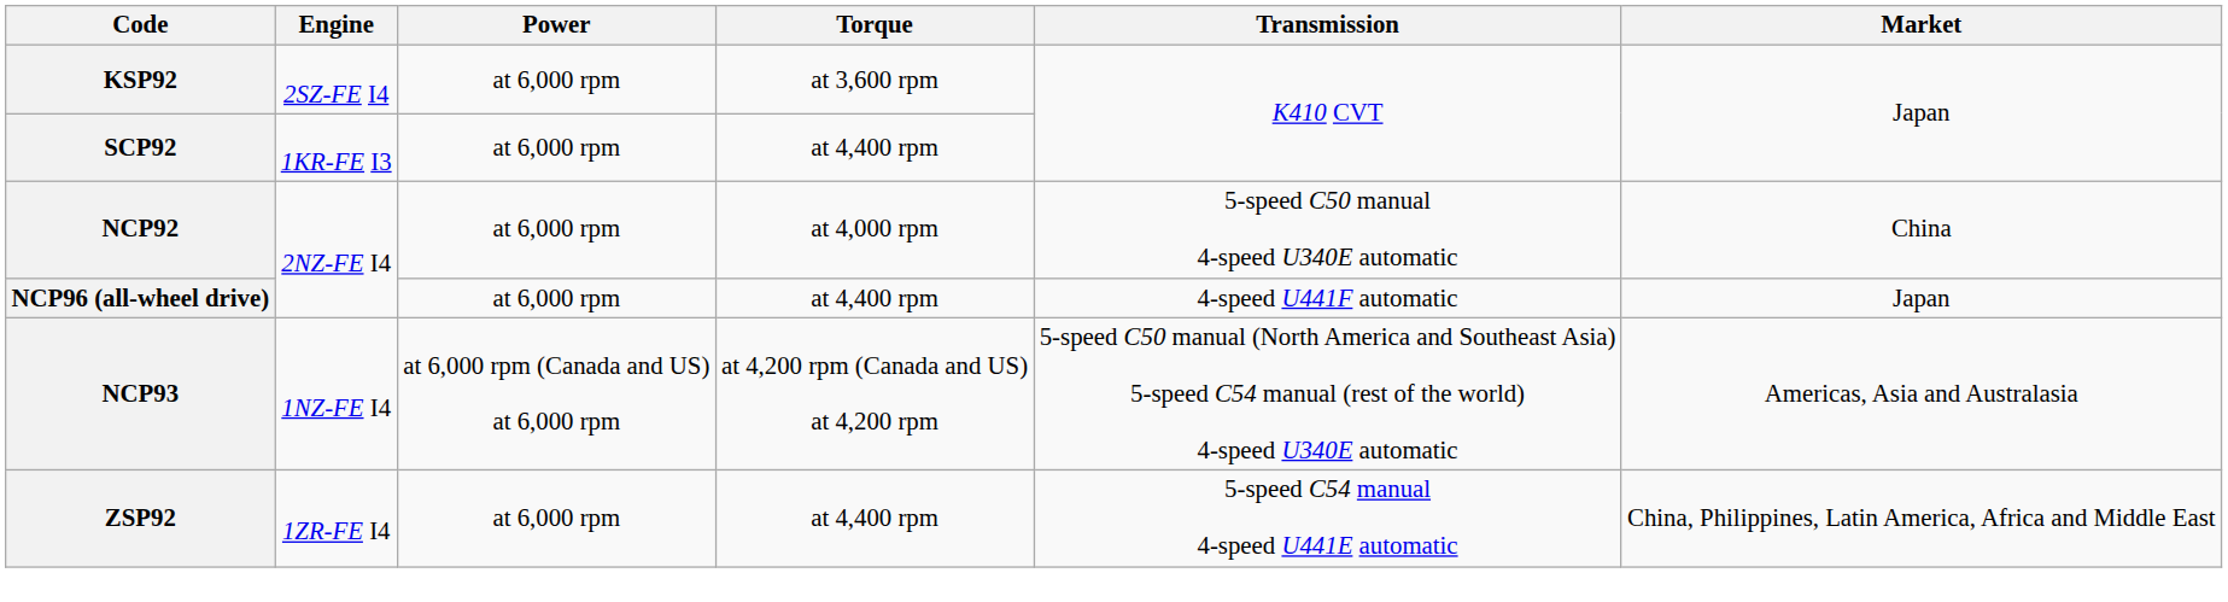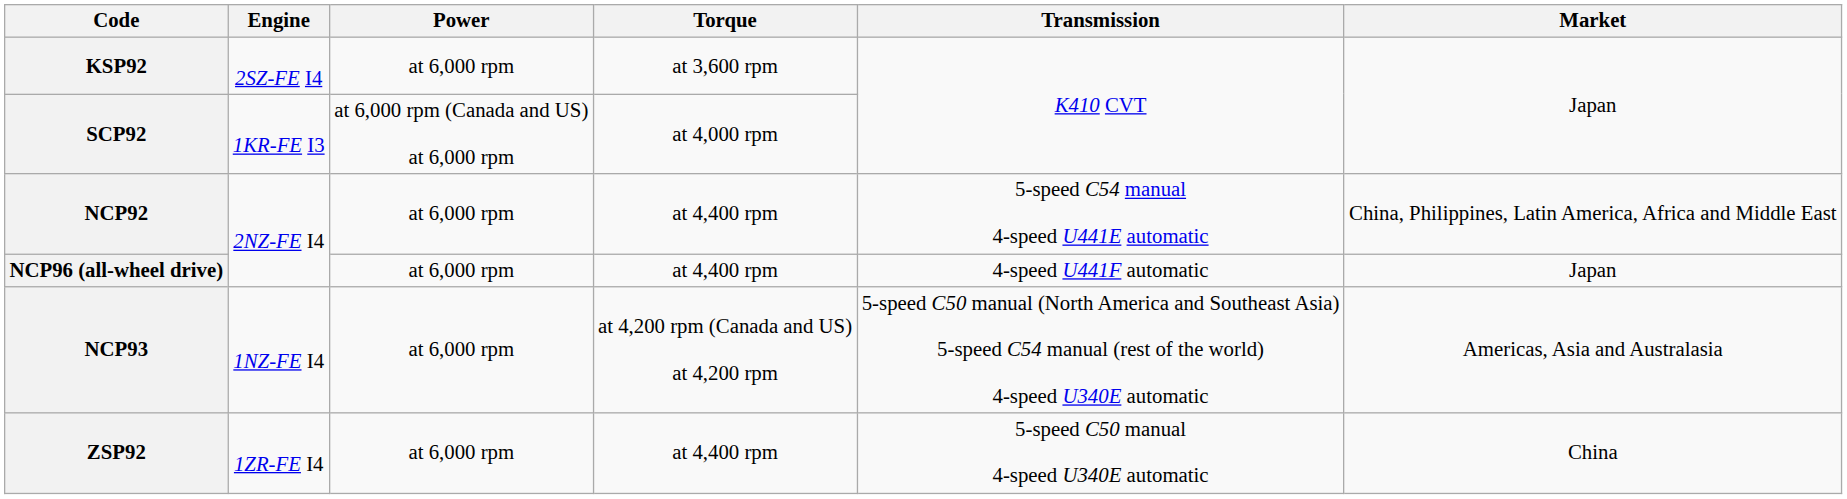 <table class="wikitable" style="text-align:center">
 <tr>
 <th>Code</th>
 <th>Engine</th>
 <th>Power</th>
 <th>Torque</th>
 <th>Transmission</th>
 <th>Market</th>
 </tr>
 <tr>
 <th>KSP92</th>
 <td><br><em><a href='#'>2SZ-FE</a></em> <a href='#'>I4</a></td>
 <td> at 6,000 rpm</td>
 <td> at 3,600 rpm</td>
 <td rowspan=2><em><a href='#'>K410</a></em> <a href='#'>CVT</a></td>
 <td rowspan=2>Japan</td>
 </tr>
 <tr>
 <th>SCP92</th>
 <td><br><em><a href='#'>1KR-FE</a></em> <a href='#'>I3</a></td>
-<td> at 6,000 rpm</td>
-<td> at 4,400 rpm</td>
+<td> at 6,000 rpm (Canada and US)<br><br> at 6,000 rpm</td>
+<td> at 4,000 rpm</td>
 </tr>
 <tr>
 <th>NCP92</th>
 <td rowspan=2><br><em><a href='#'>2NZ-FE</a></em> I4</td>
 <td> at 6,000 rpm</td>
-<td> at 4,000 rpm</td>
-<td>5-speed <em>C50</em> manual<br><br>4-speed <em>U340E</em> automatic</td>
-<td>China</td>
+<td> at 4,400 rpm</td>
+<td>5-speed <em>C54</em> <a href='#'>manual</a><br><br>4-speed <em><a href='#'>U441E</a></em> <a href='#'>automatic</a></td>
+<td>China, Philippines, Latin America, Africa and Middle East</td>
 </tr>
 <tr>
 <th>NCP96 (all-wheel drive)</th>
 <td> at 6,000 rpm</td>
 <td> at 4,400 rpm</td>
 <td>4-speed <em><a href='#'>U441F</a></em> automatic</td>
 <td>Japan</td>
 </tr>
 <tr>
 <th>NCP93</th>
 <td><br><em><a href='#'>1NZ-FE</a></em> I4</td>
-<td> at 6,000 rpm (Canada and US)<br><br> at 6,000 rpm</td>
+<td> at 6,000 rpm</td>
 <td> at 4,200 rpm (Canada and US)<br><br> at 4,200 rpm</td>
 <td>5-speed <em>C50</em> manual (North America and Southeast Asia)<br><br>5-speed <em>C54</em> manual (rest of the world)<br><br>4-speed <em><a href='#'>U340E</a></em> automatic</td>
 <td>Americas, Asia and Australasia</td>
 </tr>
 <tr>
 <th>ZSP92</th>
 <td><br><em><a href='#'>1ZR-FE</a></em> I4</td>
 <td> at 6,000 rpm</td>
 <td> at 4,400 rpm</td>
-<td>5-speed <em>C54</em> <a href='#'>manual</a><br><br>4-speed <em><a href='#'>U441E</a></em> <a href='#'>automatic</a></td>
-<td>China, Philippines, Latin America, Africa and Middle East</td>
+<td>5-speed <em>C50</em> manual<br><br>4-speed <em>U340E</em> automatic</td>
+<td>China</td>
 </tr>
 </table>
